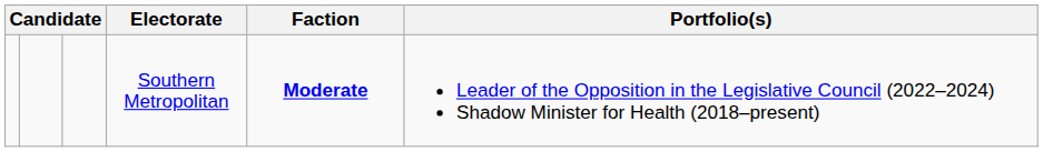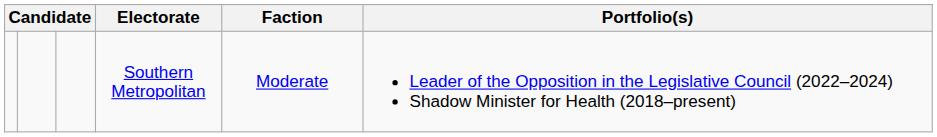 <table class="wikitable" style="text-align:center">
 <tr>
 <th width=175px; colspan=3>Candidate</th>
 <th width=115px>Electorate</th>
 <th width=135px>Faction</th>
 <th width=600px>Portfolio(s)</th>
 </tr>
 <tr>
 <td width="3pt" > </td>
 <td></td>
 <td></td>
 <td><a href='#'>Southern Metropolitan</a></td>
-<td><strong><a href='#'>Moderate</a></strong></td>
+<td><a href='#'>Moderate</a></td>
 <td align=left><br><ul><li><a href='#'>Leader of the Opposition in the Legislative Council</a> (2022–2024)</li><li>Shadow Minister for Health (2018–present)</li></ul></td>
 </tr>
 </table>
